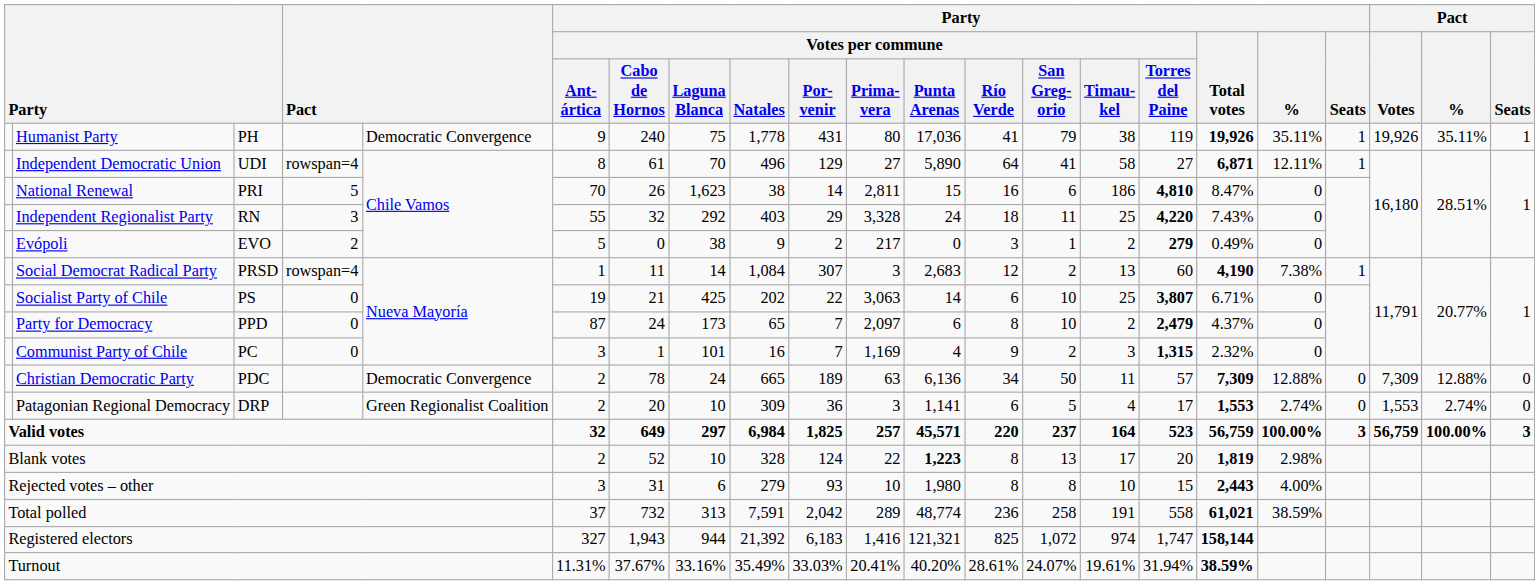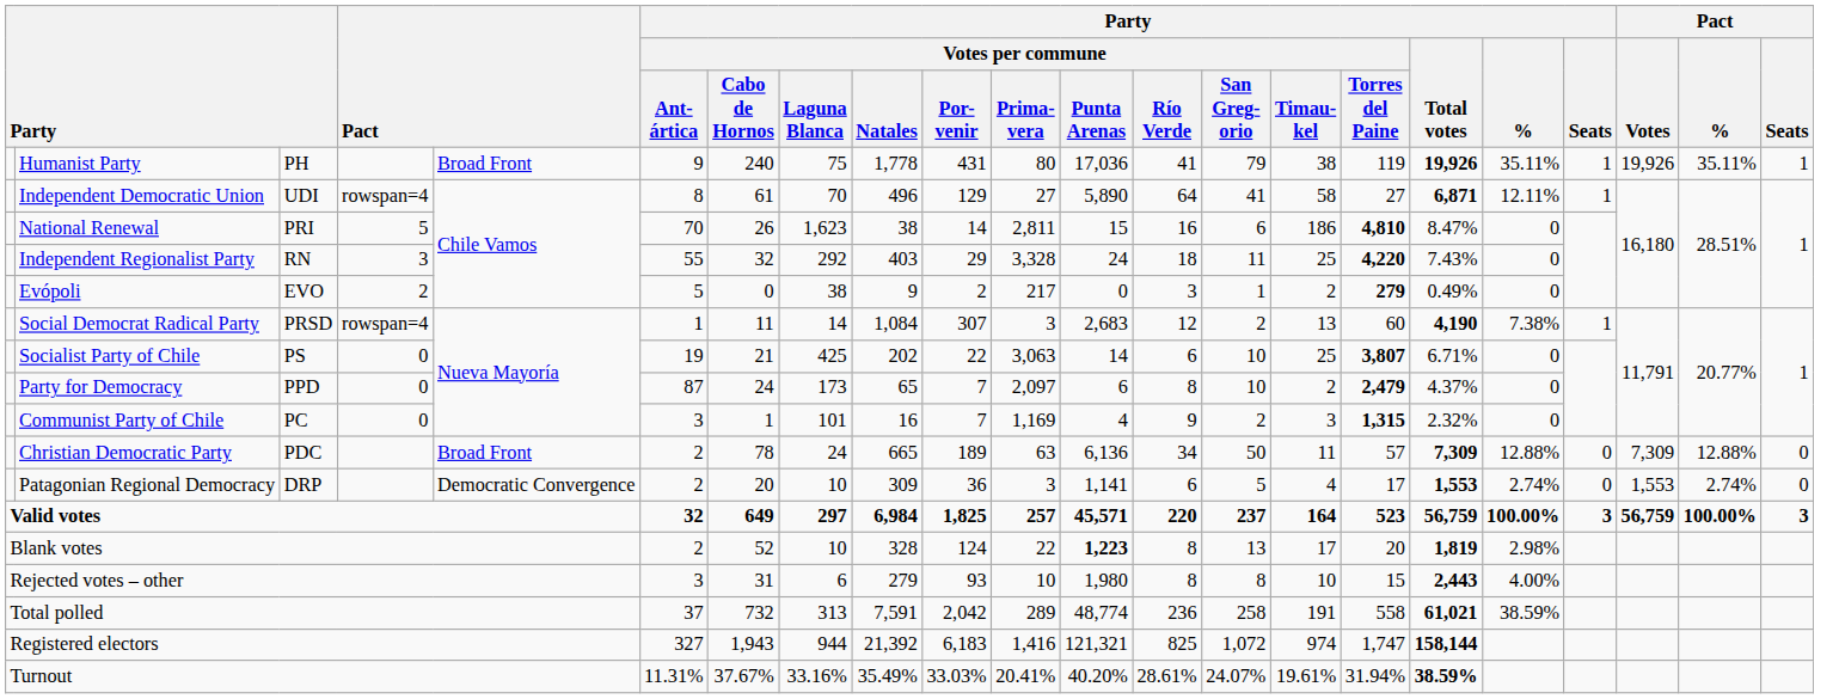 <table class="wikitable" border="1" style="font-size:90%; text-align:right; white-space: nowrap;">
 <tr>
 <th style="text-align:left;" valign=bottom rowspan=3 colspan=3>Party</th>
 <th style="text-align:left;" valign=bottom rowspan=3 colspan=2>Pact</th>
 <th colspan=14>Party</th>
 <th colspan=3>Pact</th>
 </tr>
 <tr>
 <th colspan=11>Votes per commune</th>
 <th align=center valign=bottom rowspan=2 width="40">Total<br>votes</th>
 <th align=center valign=bottom rowspan=2 width="40">%</th>
 <th align=center valign=bottom rowspan=2>Seats</th>
 <th align=center valign=bottom rowspan=2 width="40">Votes</th>
 <th align=center valign=bottom rowspan=2 width="40">%</th>
 <th align=center valign=bottom rowspan=2>Seats</th>
 </tr>
 <tr>
 <th align=center valign=bottom width="40"><a href='#'>Ant-<br>ártica</a></th>
 <th align=center valign=bottom width="40"><a href='#'>Cabo<br>de<br>Hornos</a></th>
 <th align=center valign=bottom width="40"><a href='#'>Laguna<br>Blanca</a></th>
 <th align=center valign=bottom width="40"><a href='#'>Natales</a></th>
 <th align=center valign=bottom width="40"><a href='#'>Por-<br>venir</a></th>
 <th align=center valign=bottom width="40"><a href='#'>Prima-<br>vera</a></th>
 <th align=center valign=bottom width="40"><a href='#'>Punta<br>Arenas</a></th>
 <th align=center valign=bottom width="40"><a href='#'>Río<br>Verde</a></th>
 <th align=center valign=bottom width="40"><a href='#'>San<br>Greg-<br>orio</a></th>
 <th align=center valign=bottom width="40"><a href='#'>Timau-<br>kel</a></th>
 <th align=center valign=bottom width="40"><a href='#'>Torres<br>del<br>Paine</a></th>
 </tr>
 <tr>
 <td></td>
 <td align=left><a href='#'>Humanist Party</a></td>
 <td align=left>PH</td>
 <td></td>
-<td align=left>Democratic Convergence</td>
+<td align=left><a href='#'>Broad Front</a></td>
 <td>9</td>
 <td>240</td>
 <td>75</td>
 <td>1,778</td>
 <td>431</td>
 <td>80</td>
 <td>17,036</td>
 <td>41</td>
 <td>79</td>
 <td>38</td>
 <td>119</td>
 <td><strong>19,926</strong></td>
 <td>35.11%</td>
 <td>1</td>
 <td>19,926</td>
 <td>35.11%</td>
 <td>1</td>
 </tr>
 <tr>
 <td></td>
 <td align=left><a href='#'>Independent Democratic Union</a></td>
 <td align=left>UDI</td>
 <td>rowspan=4 </td>
 <td rowspan=4 align=left><a href='#'>Chile Vamos</a></td>
 <td>8</td>
 <td>61</td>
 <td>70</td>
 <td>496</td>
 <td>129</td>
 <td>27</td>
 <td>5,890</td>
 <td>64</td>
 <td>41</td>
 <td>58</td>
 <td>27</td>
 <td><strong>6,871</strong></td>
 <td>12.11%</td>
 <td>1</td>
 <td rowspan=4>16,180</td>
 <td rowspan=4>28.51%</td>
 <td rowspan=4>1</td>
 </tr>
 <tr>
 <td></td>
 <td align=left><a href='#'>National Renewal</a></td>
 <td align=left>PRI</td>
 <td>5</td>
 <td>70</td>
 <td>26</td>
 <td>1,623</td>
 <td>38</td>
 <td>14</td>
 <td>2,811</td>
 <td>15</td>
 <td>16</td>
 <td>6</td>
 <td>186</td>
 <td><strong>4,810</strong></td>
 <td>8.47%</td>
 <td>0</td>
 </tr>
 <tr>
 <td></td>
 <td align=left><a href='#'>Independent Regionalist Party</a></td>
 <td align=left>RN</td>
 <td>3</td>
 <td>55</td>
 <td>32</td>
 <td>292</td>
 <td>403</td>
 <td>29</td>
 <td>3,328</td>
 <td>24</td>
 <td>18</td>
 <td>11</td>
 <td>25</td>
 <td><strong>4,220</strong></td>
 <td>7.43%</td>
 <td>0</td>
 </tr>
 <tr>
 <td></td>
 <td align=left><a href='#'>Evópoli</a></td>
 <td align=left>EVO</td>
 <td>2</td>
 <td>5</td>
 <td>0</td>
 <td>38</td>
 <td>9</td>
 <td>2</td>
 <td>217</td>
 <td>0</td>
 <td>3</td>
 <td>1</td>
 <td>2</td>
 <td><strong>279</strong></td>
 <td>0.49%</td>
 <td>0</td>
 </tr>
 <tr>
 <td></td>
 <td align=left><a href='#'>Social Democrat Radical Party</a></td>
 <td align=left>PRSD</td>
 <td>rowspan=4 </td>
 <td rowspan=4 align=left><a href='#'>Nueva Mayoría</a></td>
 <td>1</td>
 <td>11</td>
 <td>14</td>
 <td>1,084</td>
 <td>307</td>
 <td>3</td>
 <td>2,683</td>
 <td>12</td>
 <td>2</td>
 <td>13</td>
 <td>60</td>
 <td><strong>4,190</strong></td>
 <td>7.38%</td>
 <td>1</td>
 <td rowspan=4>11,791</td>
 <td rowspan=4>20.77%</td>
 <td rowspan=4>1</td>
 </tr>
 <tr>
 <td></td>
 <td align=left><a href='#'>Socialist Party of Chile</a></td>
 <td align=left>PS</td>
 <td>0</td>
 <td>19</td>
 <td>21</td>
 <td>425</td>
 <td>202</td>
 <td>22</td>
 <td>3,063</td>
 <td>14</td>
 <td>6</td>
 <td>10</td>
 <td>25</td>
 <td><strong>3,807</strong></td>
 <td>6.71%</td>
 <td>0</td>
 </tr>
 <tr>
 <td></td>
 <td align=left><a href='#'>Party for Democracy</a></td>
 <td align=left>PPD</td>
 <td>0</td>
 <td>87</td>
 <td>24</td>
 <td>173</td>
 <td>65</td>
 <td>7</td>
 <td>2,097</td>
 <td>6</td>
 <td>8</td>
 <td>10</td>
 <td>2</td>
 <td><strong>2,479</strong></td>
 <td>4.37%</td>
 <td>0</td>
 </tr>
 <tr>
 <td></td>
 <td align=left><a href='#'>Communist Party of Chile</a></td>
 <td align=left>PC</td>
 <td>0</td>
 <td>3</td>
 <td>1</td>
 <td>101</td>
 <td>16</td>
 <td>7</td>
 <td>1,169</td>
 <td>4</td>
 <td>9</td>
 <td>2</td>
 <td>3</td>
 <td><strong>1,315</strong></td>
 <td>2.32%</td>
 <td>0</td>
 </tr>
 <tr>
 <td></td>
 <td align=left><a href='#'>Christian Democratic Party</a></td>
 <td align=left>PDC</td>
 <td></td>
-<td align=left>Democratic Convergence</td>
+<td align=left><a href='#'>Broad Front</a></td>
 <td>2</td>
 <td>78</td>
 <td>24</td>
 <td>665</td>
 <td>189</td>
 <td>63</td>
 <td>6,136</td>
 <td>34</td>
 <td>50</td>
 <td>11</td>
 <td>57</td>
 <td><strong>7,309</strong></td>
 <td>12.88%</td>
 <td>0</td>
 <td>7,309</td>
 <td>12.88%</td>
 <td>0</td>
 </tr>
 <tr>
 <td></td>
 <td align=left>Patagonian Regional Democracy</td>
 <td align=left>DRP</td>
 <td></td>
-<td align=left>Green Regionalist Coalition</td>
+<td align=left>Democratic Convergence</td>
 <td>2</td>
 <td>20</td>
 <td>10</td>
 <td>309</td>
 <td>36</td>
 <td>3</td>
 <td>1,141</td>
 <td>6</td>
 <td>5</td>
 <td>4</td>
 <td>17</td>
 <td><strong>1,553</strong></td>
 <td>2.74%</td>
 <td>0</td>
 <td>1,553</td>
 <td>2.74%</td>
 <td>0</td>
 </tr>
 <tr style="font-weight:bold">
 <td align=left colspan=5>Valid votes</td>
 <td>32</td>
 <td>649</td>
 <td>297</td>
 <td>6,984</td>
 <td>1,825</td>
 <td>257</td>
 <td>45,571</td>
 <td>220</td>
 <td>237</td>
 <td>164</td>
 <td>523</td>
 <td>56,759</td>
 <td>100.00%</td>
 <td>3</td>
 <td>56,759</td>
 <td>100.00%</td>
 <td>3</td>
 </tr>
 <tr>
 <td align=left colspan=5>Blank votes</td>
 <td>2</td>
 <td>52</td>
 <td>10</td>
 <td>328</td>
 <td>124</td>
 <td>22</td>
 <td><strong>1,223</strong></td>
 <td>8</td>
 <td>13</td>
 <td>17</td>
 <td>20</td>
 <td><strong>1,819</strong></td>
 <td>2.98%</td>
 <td></td>
 <td></td>
 <td></td>
 <td></td>
 </tr>
 <tr>
 <td align=left colspan=5>Rejected votes – other</td>
 <td>3</td>
 <td>31</td>
 <td>6</td>
 <td>279</td>
 <td>93</td>
 <td>10</td>
 <td>1,980</td>
 <td>8</td>
 <td>8</td>
 <td>10</td>
 <td>15</td>
 <td><strong>2,443</strong></td>
 <td>4.00%</td>
 <td></td>
 <td></td>
 <td></td>
 <td></td>
 </tr>
 <tr>
 <td align=left colspan=5>Total polled</td>
 <td>37</td>
 <td>732</td>
 <td>313</td>
 <td>7,591</td>
 <td>2,042</td>
 <td>289</td>
 <td>48,774</td>
 <td>236</td>
 <td>258</td>
 <td>191</td>
 <td>558</td>
 <td><strong>61,021</strong></td>
 <td>38.59%</td>
 <td></td>
 <td></td>
 <td></td>
 <td></td>
 </tr>
 <tr>
 <td align=left colspan=5>Registered electors</td>
 <td>327</td>
 <td>1,943</td>
 <td>944</td>
 <td>21,392</td>
 <td>6,183</td>
 <td>1,416</td>
 <td>121,321</td>
 <td>825</td>
 <td>1,072</td>
 <td>974</td>
 <td>1,747</td>
 <td><strong>158,144</strong></td>
 <td></td>
 <td></td>
 <td></td>
 <td></td>
 <td></td>
 </tr>
 <tr>
 <td align=left colspan=5>Turnout</td>
 <td>11.31%</td>
 <td>37.67%</td>
 <td>33.16%</td>
 <td>35.49%</td>
 <td>33.03%</td>
 <td>20.41%</td>
 <td>40.20%</td>
 <td>28.61%</td>
 <td>24.07%</td>
 <td>19.61%</td>
 <td>31.94%</td>
 <td><strong>38.59%</strong></td>
 <td></td>
 <td></td>
 <td></td>
 <td></td>
 <td></td>
 </tr>
 </table>
